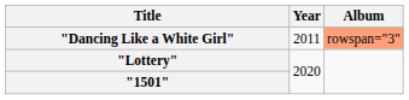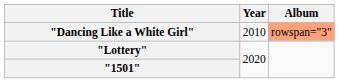 <table class="wikitable plainrowheaders" style="text-align:center;">
 <tr>
 <th scope="col" style="width:20em;">Title</th>
 <th scope="col">Year</th>
 <th scope="col">Album</th>
 </tr>
 <tr>
 <th scope="row">"Dancing Like a White Girl"</th>
-<td>2011</td>
+<td>2010</td>
 <td style="background: lightsalmon;">rowspan="3" </td>
 </tr>
 <tr>
 <th scope="row">"Lottery"</th>
 <td rowspan= "2">2020</td>
 </tr>
 <tr>
 <th scope="row">"1501"</th>
 </tr>
 </table>
